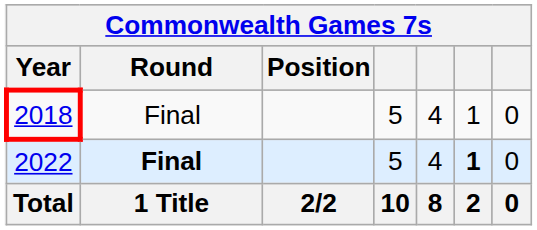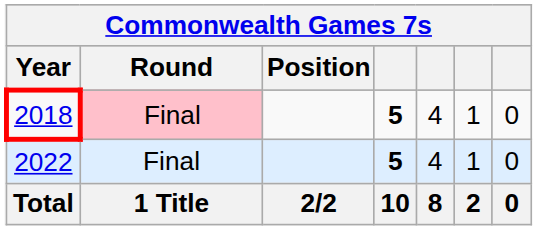 <table class="wikitable" style="text-align: center;">
 <tr>
 <th colspan=10><a href='#'>Commonwealth Games 7s</a></th>
 </tr>
 <tr>
 <th>Year</th>
 <th style="width:6.5em;">Round</th>
 <th style="padding:2px;">Position</th>
 <th style="width:1em;"></th>
 <th style="width:1em;"></th>
 <th style="width:1em;"></th>
 <th style="width:1em;"></th>
 </tr>
 <tr style="line-height:133%;">
 <td align=left style="border: 3px solid red"> <a href='#'>2018</a></td>
-<td>Final</td>
+<td style="background: pink;">Final</td>
 <td></td>
-<td>5</td>
+<td><strong>5</strong></td>
 <td>4</td>
 <td>1</td>
 <td>0</td>
 </tr>
 <tr bgcolor=#def>
 <td> <a href='#'>2022</a></td>
-<td><strong>Final</strong></td>
+<td>Final</td>
 <td></td>
-<td>5</td>
+<td><strong>5</strong></td>
 <td>4</td>
-<td><strong>1</strong></td>
+<td>1</td>
 <td>0</td>
 </tr>
 <tr>
 <th>Total</th>
 <th>1 Title</th>
 <th>2/2</th>
 <th>10</th>
 <th>8</th>
 <th>2</th>
 <th>0</th>
 </tr>
 </table>
